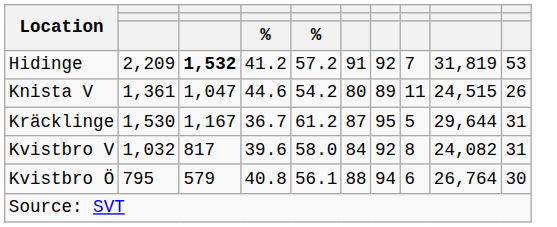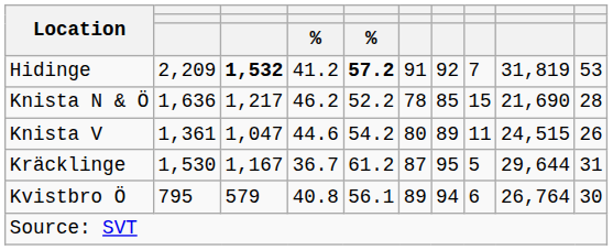 <table role="presentation" class="wikitable sortable mw-collapsible">
 <tr>
 <th rowspan="3">Location</th>
 <th></th>
 <th></th>
 <th></th>
 <th></th>
 <th></th>
 <th></th>
 <th></th>
 <th></th>
 <th></th>
 </tr>
 <tr>
 <th></th>
 <th></th>
 <th style="background:"></th>
 <th style="background:"></th>
 <th></th>
 <th></th>
 <th></th>
 <th></th>
 <th></th>
 </tr>
 <tr>
 <th data-sort-type="number"></th>
 <th data-sort-type="number"></th>
 <th data-sort-type="number">%</th>
 <th data-sort-type="number">%</th>
 <th data-sort-type="number"></th>
 <th data-sort-type="number"></th>
 <th data-sort-type="number"></th>
 <th data-sort-type="number"></th>
 <th data-sort-type="number"></th>
 </tr>
 <tr>
 <td align="left">Hidinge</td>
 <td>2,209</td>
 <td><strong>1,532</strong></td>
 <td>41.2</td>
-<td>57.2</td>
+<td><strong>57.2</strong></td>
 <td>91</td>
 <td>92</td>
 <td>7</td>
 <td>31,819</td>
 <td>53</td>
+</tr>
+<tr>
+<td align="left">Knista N & Ö</td>
+<td>1,636</td>
+<td>1,217</td>
+<td>46.2</td>
+<td>52.2</td>
+<td>78</td>
+<td>85</td>
+<td>15</td>
+<td>21,690</td>
+<td>28</td>
 </tr>
 <tr>
 <td align="left">Knista V</td>
 <td>1,361</td>
 <td>1,047</td>
 <td>44.6</td>
 <td>54.2</td>
 <td>80</td>
 <td>89</td>
 <td>11</td>
 <td>24,515</td>
 <td>26</td>
 </tr>
 <tr>
 <td align="left">Kräcklinge</td>
 <td>1,530</td>
 <td>1,167</td>
 <td>36.7</td>
 <td>61.2</td>
 <td>87</td>
 <td>95</td>
 <td>5</td>
 <td>29,644</td>
 <td>31</td>
 </tr>
 <tr>
-<td align="left">Kvistbro V</td>
-<td>1,032</td>
-<td>817</td>
-<td>39.6</td>
-<td>58.0</td>
-<td>84</td>
-<td>92</td>
-<td>8</td>
-<td>24,082</td>
-<td>31</td>
-</tr>
-<tr>
 <td align="left">Kvistbro Ö</td>
 <td>795</td>
 <td>579</td>
 <td>40.8</td>
 <td>56.1</td>
-<td>88</td>
+<td>89</td>
 <td>94</td>
 <td>6</td>
 <td>26,764</td>
 <td>30</td>
 </tr>
 <tr>
 <td colspan="10" align="left">Source: <a href='#'>SVT</a></td>
 </tr>
 </table>
